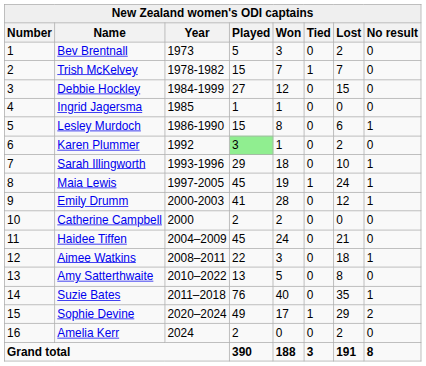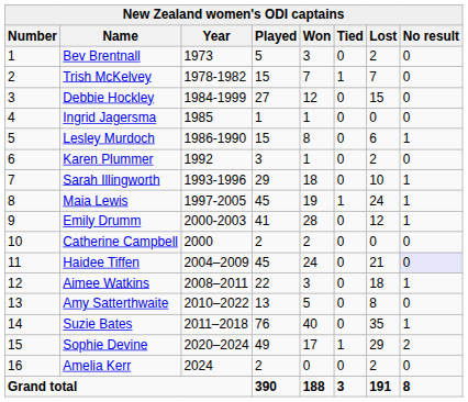 <table class="wikitable">
 <tr>
 <th style="background:#efefef;" colspan="8">New Zealand women's ODI captains</th>
 </tr>
 <tr style="background:#efefef;">
 <th>Number</th>
 <th>Name</th>
 <th>Year</th>
 <th>Played</th>
 <th>Won</th>
 <th>Tied</th>
 <th>Lost</th>
 <th>No result</th>
 </tr>
 <tr>
 <td>1</td>
 <td><a href='#'>Bev Brentnall</a></td>
 <td>1973</td>
 <td>5</td>
 <td>3</td>
 <td>0</td>
 <td>2</td>
 <td>0</td>
 </tr>
 <tr>
 <td>2</td>
 <td><a href='#'>Trish McKelvey</a></td>
 <td>1978-1982</td>
 <td>15</td>
 <td>7</td>
 <td>1</td>
 <td>7</td>
 <td>0</td>
 </tr>
 <tr>
 <td>3</td>
 <td><a href='#'>Debbie Hockley</a></td>
 <td>1984-1999</td>
 <td>27</td>
 <td>12</td>
 <td>0</td>
 <td>15</td>
 <td>0</td>
 </tr>
 <tr>
 <td>4</td>
 <td><a href='#'>Ingrid Jagersma</a></td>
 <td>1985</td>
 <td>1</td>
 <td>1</td>
 <td>0</td>
 <td>0</td>
 <td>0</td>
 </tr>
 <tr>
 <td>5</td>
 <td><a href='#'>Lesley Murdoch</a></td>
 <td>1986-1990</td>
 <td>15</td>
 <td>8</td>
 <td>0</td>
 <td>6</td>
 <td>1</td>
 </tr>
 <tr>
 <td>6</td>
 <td><a href='#'>Karen Plummer</a></td>
 <td>1992</td>
-<td style="background: lightgreen;">3</td>
+<td>3</td>
 <td>1</td>
 <td>0</td>
 <td>2</td>
 <td>0</td>
 </tr>
 <tr>
 <td>7</td>
 <td><a href='#'>Sarah Illingworth</a></td>
 <td>1993-1996</td>
 <td>29</td>
 <td>18</td>
 <td>0</td>
 <td>10</td>
 <td>1</td>
 </tr>
 <tr>
 <td>8</td>
 <td><a href='#'>Maia Lewis</a></td>
 <td>1997-2005</td>
 <td>45</td>
 <td>19</td>
 <td>1</td>
 <td>24</td>
 <td>1</td>
 </tr>
 <tr>
 <td>9</td>
 <td><a href='#'>Emily Drumm</a></td>
 <td>2000-2003</td>
 <td>41</td>
 <td>28</td>
 <td>0</td>
 <td>12</td>
 <td>1</td>
 </tr>
 <tr>
 <td>10</td>
 <td><a href='#'>Catherine Campbell</a></td>
 <td>2000</td>
 <td>2</td>
 <td>2</td>
 <td>0</td>
 <td>0</td>
 <td>0</td>
 </tr>
 <tr>
 <td>11</td>
 <td><a href='#'>Haidee Tiffen</a></td>
 <td>2004–2009</td>
 <td>45</td>
 <td>24</td>
 <td>0</td>
 <td>21</td>
-<td>0</td>
+<td style="background: lavender;">0</td>
 </tr>
 <tr>
 <td>12</td>
 <td><a href='#'>Aimee Watkins</a></td>
 <td>2008–2011</td>
 <td>22</td>
 <td>3</td>
 <td>0</td>
 <td>18</td>
 <td>1</td>
 </tr>
 <tr>
 <td>13</td>
 <td><a href='#'>Amy Satterthwaite</a></td>
 <td>2010–2022</td>
 <td>13</td>
 <td>5</td>
 <td>0</td>
 <td>8</td>
 <td>0</td>
 </tr>
 <tr>
 <td>14</td>
 <td><a href='#'>Suzie Bates</a></td>
 <td>2011–2018</td>
 <td>76</td>
 <td>40</td>
 <td>0</td>
 <td>35</td>
 <td>1</td>
 </tr>
 <tr>
 <td>15</td>
 <td><a href='#'>Sophie Devine</a></td>
 <td>2020–2024</td>
 <td>49</td>
 <td>17</td>
 <td>1</td>
 <td>29</td>
 <td>2</td>
 </tr>
 <tr>
 <td>16</td>
 <td><a href='#'>Amelia Kerr</a></td>
 <td>2024</td>
 <td>2</td>
 <td>0</td>
 <td>0</td>
 <td>2</td>
 <td>0</td>
 </tr>
 <tr>
 <td colspan=3><strong>Grand total</strong></td>
 <td><strong>390</strong></td>
 <td><strong>188</strong></td>
 <td><strong>3</strong></td>
 <td><strong>191</strong></td>
 <td><strong>8</strong></td>
 </tr>
 </table>
